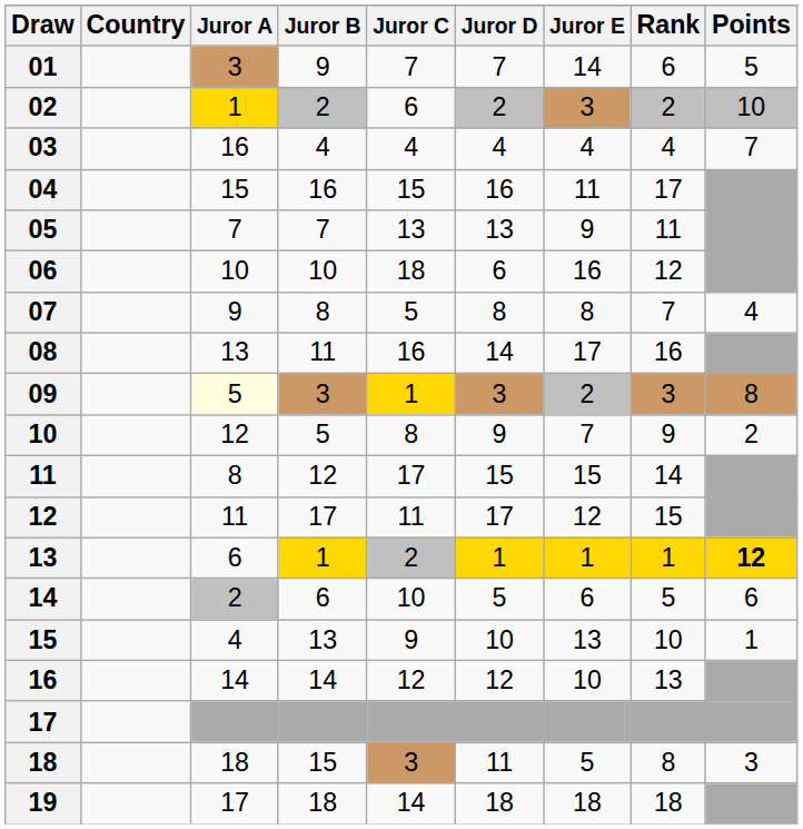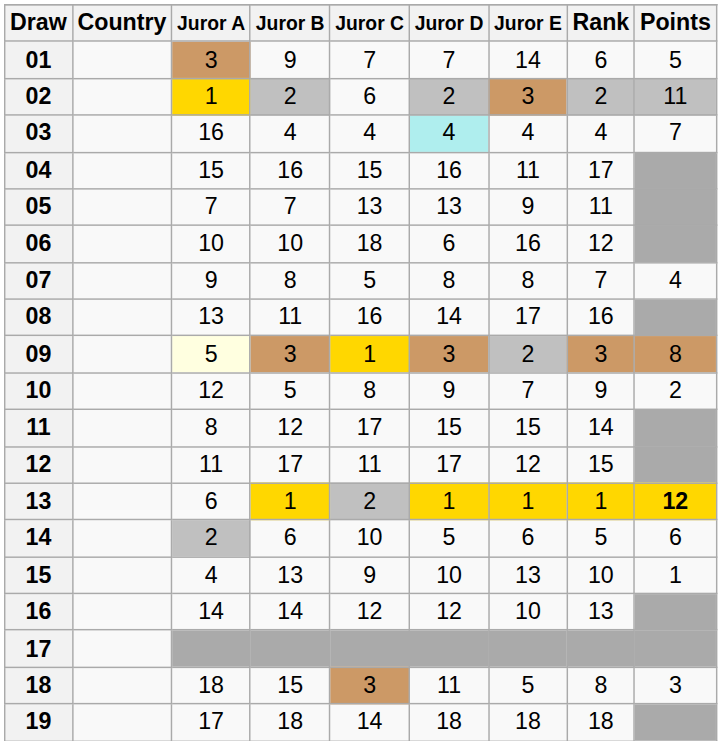 <table class="sortable wikitable collapsible plainrowheaders" style="text-align:center;">
 <tr>
 </tr>
 <tr>
 <th scope="col">Draw</th>
 <th scope="col">Country</th>
 <th scope="col"><small>Juror A</small></th>
 <th scope="col"><small>Juror B</small></th>
 <th scope="col"><small>Juror C</small></th>
 <th scope="col"><small>Juror D</small></th>
 <th scope="col"><small>Juror E</small></th>
 <th scope="col">Rank</th>
 <th scope="col">Points</th>
 </tr>
 <tr>
 <th scope="row" style="text-align:center;">01</th>
 <td style="text-align:left;"></td>
 <td style="background:#CC9966;">3</td>
 <td>9</td>
 <td>7</td>
 <td>7</td>
 <td>14</td>
 <td>6</td>
 <td>5</td>
 </tr>
 <tr>
 <th scope="row" style="text-align:center;">02</th>
 <td style="text-align:left;"></td>
 <td style="background:gold;">1</td>
 <td style="background:silver;">2</td>
 <td>6</td>
 <td style="background:silver;">2</td>
 <td style="background:#CC9966;">3</td>
 <td style="background:silver;">2</td>
-<td style="background:silver;">10</td>
+<td style="background:silver;">11</td>
 </tr>
 <tr>
 <th scope="row" style="text-align:center;">03</th>
 <td style="text-align:left;"></td>
 <td>16</td>
 <td>4</td>
 <td>4</td>
-<td>4</td>
+<td style="background: paleturquoise;">4</td>
 <td>4</td>
 <td>4</td>
 <td>7</td>
 </tr>
 <tr>
 <th scope="row" style="text-align:center;">04</th>
 <td style="text-align:left;"></td>
 <td>15</td>
 <td>16</td>
 <td>15</td>
 <td>16</td>
 <td>11</td>
 <td>17</td>
 <td style="background:#AAAAAA;"></td>
 </tr>
 <tr>
 <th scope="row" style="text-align:center;">05</th>
 <td style="text-align:left;"></td>
 <td>7</td>
 <td>7</td>
 <td>13</td>
 <td>13</td>
 <td>9</td>
 <td>11</td>
 <td style="background:#AAAAAA;"></td>
 </tr>
 <tr>
 <th scope="row" style="text-align:center;">06</th>
 <td style="text-align:left;"></td>
 <td>10</td>
 <td>10</td>
 <td>18</td>
 <td>6</td>
 <td>16</td>
 <td>12</td>
 <td style="background:#AAAAAA;"></td>
 </tr>
 <tr>
 <th scope="row" style="text-align:center;">07</th>
 <td style="text-align:left;"></td>
 <td>9</td>
 <td>8</td>
 <td>5</td>
 <td>8</td>
 <td>8</td>
 <td>7</td>
 <td>4</td>
 </tr>
 <tr>
 <th scope="row" style="text-align:center;">08</th>
 <td style="text-align:left;"></td>
 <td>13</td>
 <td>11</td>
 <td>16</td>
 <td>14</td>
 <td>17</td>
 <td>16</td>
 <td style="background:#AAAAAA;"></td>
 </tr>
 <tr>
 <th scope="row" style="text-align:center;">09</th>
 <td style="text-align:left;"></td>
 <td style="background: lightyellow;">5</td>
 <td style="background:#CC9966;">3</td>
 <td style="background:gold;">1</td>
 <td style="background:#CC9966;">3</td>
 <td style="background:silver;">2</td>
 <td style="background:#CC9966;">3</td>
 <td style="background:#CC9966;">8</td>
 </tr>
 <tr>
 <th scope="row" style="text-align:center;">10</th>
 <td style="text-align:left;"></td>
 <td>12</td>
 <td>5</td>
 <td>8</td>
 <td>9</td>
 <td>7</td>
 <td>9</td>
 <td>2</td>
 </tr>
 <tr>
 <th scope="row" style="text-align:center;">11</th>
 <td style="text-align:left;"></td>
 <td>8</td>
 <td>12</td>
 <td>17</td>
 <td>15</td>
 <td>15</td>
 <td>14</td>
 <td style="background:#AAAAAA;"></td>
 </tr>
 <tr>
 <th scope="row" style="text-align:center;">12</th>
 <td style="text-align:left;"></td>
 <td>11</td>
 <td>17</td>
 <td>11</td>
 <td>17</td>
 <td>12</td>
 <td>15</td>
 <td style="background:#AAAAAA;"></td>
 </tr>
 <tr>
 <th scope="row" style="text-align:center;">13</th>
 <td style="text-align:left;"></td>
 <td>6</td>
 <td style="background:gold;">1</td>
 <td style="background:silver;">2</td>
 <td style="background:gold;">1</td>
 <td style="background:gold;">1</td>
 <td style="background:gold;">1</td>
 <td style="background:gold;"><strong>12</strong></td>
 </tr>
 <tr>
 <th scope="row" style="text-align:center;">14</th>
 <td style="text-align:left;"></td>
 <td style="background:silver;">2</td>
 <td>6</td>
 <td>10</td>
 <td>5</td>
 <td>6</td>
 <td>5</td>
 <td>6</td>
 </tr>
 <tr>
 <th scope="row" style="text-align:center;">15</th>
 <td style="text-align:left;"></td>
 <td>4</td>
 <td>13</td>
 <td>9</td>
 <td>10</td>
 <td>13</td>
 <td>10</td>
 <td>1</td>
 </tr>
 <tr>
 <th scope="row" style="text-align:center;">16</th>
 <td style="text-align:left;"></td>
 <td>14</td>
 <td>14</td>
 <td>12</td>
 <td>12</td>
 <td>10</td>
 <td>13</td>
 <td style="background:#AAAAAA;"></td>
 </tr>
 <tr class="sortbottom">
 <th scope="row" style="text-align:center;">17</th>
 <td style="text-align:left;"></td>
 <td style="background:#AAAAAA;"></td>
 <td style="background:#AAAAAA;"></td>
 <td style="background:#AAAAAA;"></td>
 <td style="background:#AAAAAA;"></td>
 <td style="background:#AAAAAA;"></td>
 <td style="background:#AAAAAA;"></td>
 <td style="background:#AAAAAA;"></td>
 </tr>
 <tr>
 <th scope="row" style="text-align:center;">18</th>
 <td style="text-align:left;"></td>
 <td>18</td>
 <td>15</td>
 <td style="background:#CC9966;">3</td>
 <td>11</td>
 <td>5</td>
 <td>8</td>
 <td>3</td>
 </tr>
 <tr>
 <th scope="row" style="text-align:center;">19</th>
 <td style="text-align:left;"></td>
 <td>17</td>
 <td>18</td>
 <td>14</td>
 <td>18</td>
 <td>18</td>
 <td>18</td>
 <td style="background:#AAAAAA;"></td>
 </tr>
 </table>
